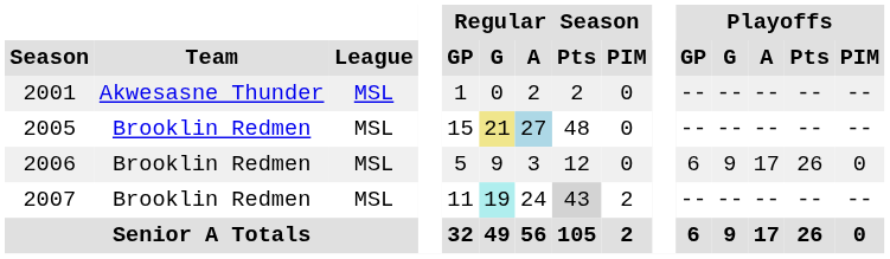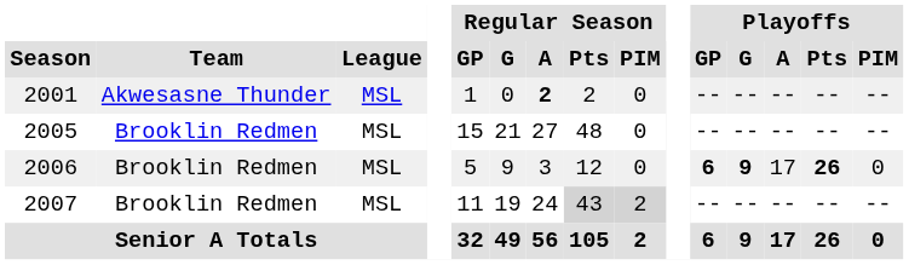 <table BORDER="0" CELLPADDING="3" CELLSPACING="0">
 <tr ALIGN="center" bgcolor="#e0e0e0">
 <th colspan="3" bgcolor="#ffffff"> </th>
 <th rowspan="99" bgcolor="#ffffff"> </th>
 <th colspan="5">Regular Season</th>
 <th rowspan="99" bgcolor="#ffffff"> </th>
 <th colspan="5">Playoffs</th>
 </tr>
 <tr ALIGN="center" bgcolor="#e0e0e0">
 <th>Season</th>
 <th>Team</th>
 <th>League</th>
 <th>GP</th>
 <th>G</th>
 <th>A</th>
 <th>Pts</th>
 <th>PIM</th>
 <th>GP</th>
 <th>G</th>
 <th>A</th>
 <th>Pts</th>
 <th>PIM</th>
 </tr>
 <tr ALIGN="center" bgcolor="#e0e0e0">
 </tr>
 <tr ALIGN="center" bgcolor="#f0f0f0">
 <td>2001</td>
 <td><a href='#'>Akwesasne Thunder</a></td>
 <td><a href='#'>MSL</a></td>
 <td>1</td>
 <td>0</td>
-<td>2</td>
+<td><strong>2</strong></td>
 <td>2</td>
 <td>0</td>
 <td>--</td>
 <td>--</td>
 <td>--</td>
 <td>--</td>
 <td>--</td>
 </tr>
 <tr ALIGN="center">
 <td>2005</td>
 <td><a href='#'>Brooklin Redmen</a></td>
 <td>MSL</td>
 <td>15</td>
-<td style="background: khaki;">21</td>
-<td style="background: lightblue;">27</td>
+<td>21</td>
+<td>27</td>
 <td>48</td>
 <td>0</td>
 <td>--</td>
 <td>--</td>
 <td>--</td>
 <td>--</td>
 <td>--</td>
 </tr>
 <tr ALIGN="center" bgcolor="#f0f0f0">
 <td>2006</td>
 <td>Brooklin Redmen</td>
 <td>MSL</td>
 <td>5</td>
 <td>9</td>
 <td>3</td>
 <td>12</td>
 <td>0</td>
-<td>6</td>
-<td>9</td>
+<td><strong>6</strong></td>
+<td><strong>9</strong></td>
 <td>17</td>
-<td>26</td>
+<td><strong>26</strong></td>
 <td>0</td>
 </tr>
 <tr ALIGN="center">
 <td>2007</td>
 <td>Brooklin Redmen</td>
 <td>MSL</td>
 <td>11</td>
-<td style="background: paleturquoise;">19</td>
+<td>19</td>
 <td>24</td>
 <td style="background: lightgrey;">43</td>
-<td>2</td>
+<td style="background: lightgrey;">2</td>
 <td>--</td>
 <td>--</td>
 <td>--</td>
 <td>--</td>
 <td>--</td>
 </tr>
 <tr ALIGN="center" bgcolor="#e0e0e0">
 <th colspan="3">Senior A Totals</th>
 <th>32</th>
 <th>49</th>
 <th>56</th>
 <th>105</th>
 <th>2</th>
 <th>6</th>
 <th>9</th>
 <th>17</th>
 <th>26</th>
 <th>0</th>
 </tr>
 </table>
